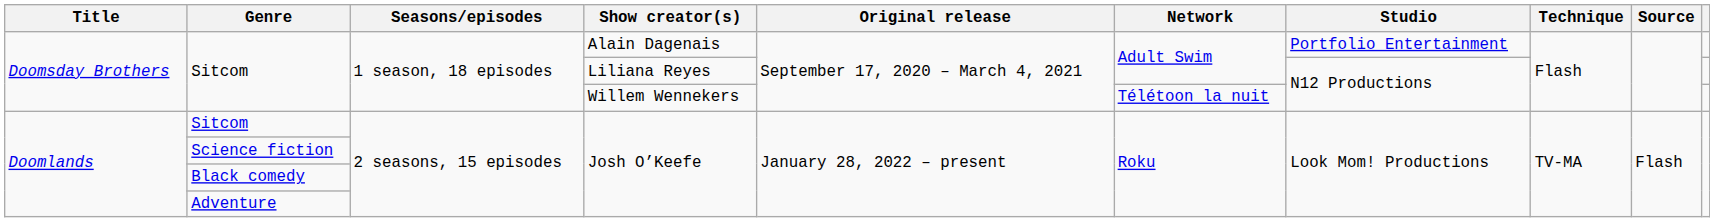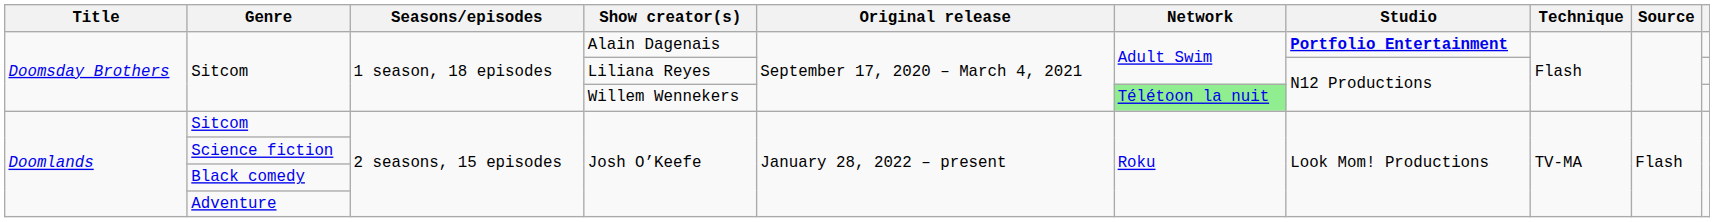 <table class="wikitable sortable" style="text-align: left; font-size:90%; width:100%;">
 <tr>
 <th scope="col">Title</th>
 <th scope="col">Genre</th>
 <th scope="col">Seasons/episodes</th>
 <th scope="col">Show creator(s)</th>
 <th scope="col">Original release</th>
 <th scope="col">Network</th>
 <th scope="col">Studio</th>
 <th scope="col">Technique</th>
 <th scope="col">Source</th>
 <th></th>
 </tr>
 <tr>
 <td rowspan="3"><em><a href='#'>Doomsday Brothers</a></em></td>
 <td rowspan="3">Sitcom</td>
 <td rowspan="3">1 season, 18 episodes</td>
 <td>Alain Dagenais</td>
 <td rowspan="3">September 17, 2020 – March 4, 2021</td>
 <td rowspan="2"><a href='#'>Adult Swim</a></td>
-<td><a href='#'>Portfolio Entertainment</a></td>
+<td><strong><a href='#'>Portfolio Entertainment</a></strong></td>
 <td rowspan="3">Flash</td>
 <td rowspan="3"></td>
 <td></td>
 </tr>
 <tr>
 <td>Liliana Reyes</td>
 <td rowspan="2">N12 Productions</td>
 <td></td>
 </tr>
 <tr>
 <td>Willem Wennekers</td>
-<td><a href='#'>Télétoon la nuit</a></td>
+<td style="background: lightgreen;"><a href='#'>Télétoon la nuit</a></td>
 <td></td>
 </tr>
 <tr>
 <td rowspan="4"><em><a href='#'>Doomlands</a></em></td>
 <td><a href='#'>Sitcom</a></td>
 <td rowspan="4">2 seasons, 15 episodes</td>
 <td rowspan="4">Josh O’Keefe</td>
 <td rowspan="4">January 28, 2022 – present</td>
 <td rowspan="4"><a href='#'>Roku</a></td>
 <td rowspan="4">Look Mom! Productions</td>
 <td rowspan="4">TV-MA</td>
 <td rowspan="4">Flash</td>
 <td rowspan="4"></td>
 </tr>
 <tr>
 <td><a href='#'>Science fiction</a></td>
 </tr>
 <tr>
 <td><a href='#'>Black comedy</a></td>
 </tr>
 <tr>
 <td><a href='#'>Adventure</a></td>
 </tr>
 </table>
